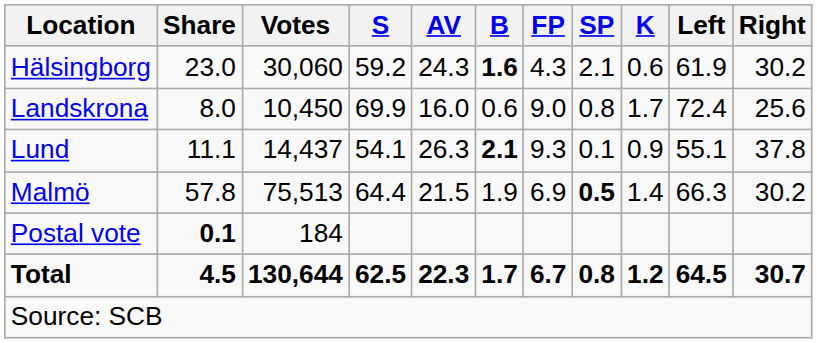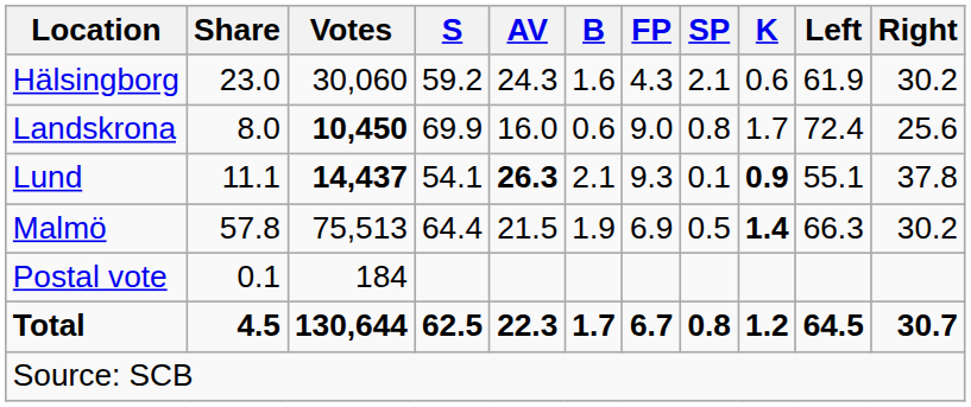 <table class="wikitable sortable" style=text-align:right>
 <tr>
 <th>Location</th>
 <th>Share</th>
 <th>Votes</th>
 <th><a href='#'>S</a></th>
 <th><a href='#'>AV</a></th>
 <th><a href='#'>B</a></th>
 <th><a href='#'>FP</a></th>
 <th><a href='#'>SP</a></th>
 <th><a href='#'>K</a></th>
 <th>Left</th>
 <th>Right</th>
 </tr>
 <tr>
 <td align=left><a href='#'>Hälsingborg</a></td>
 <td>23.0</td>
 <td>30,060</td>
 <td>59.2</td>
 <td>24.3</td>
-<td><strong>1.6</strong></td>
+<td>1.6</td>
 <td>4.3</td>
 <td>2.1</td>
 <td>0.6</td>
 <td>61.9</td>
 <td>30.2</td>
 </tr>
 <tr>
 <td align=left><a href='#'>Landskrona</a></td>
 <td>8.0</td>
-<td>10,450</td>
+<td><strong>10,450</strong></td>
 <td>69.9</td>
 <td>16.0</td>
 <td>0.6</td>
 <td>9.0</td>
 <td>0.8</td>
 <td>1.7</td>
 <td>72.4</td>
 <td>25.6</td>
 </tr>
 <tr>
 <td align=left><a href='#'>Lund</a></td>
 <td>11.1</td>
-<td>14,437</td>
+<td><strong>14,437</strong></td>
 <td>54.1</td>
-<td>26.3</td>
-<td><strong>2.1</strong></td>
+<td><strong>26.3</strong></td>
+<td>2.1</td>
 <td>9.3</td>
 <td>0.1</td>
-<td>0.9</td>
+<td><strong>0.9</strong></td>
 <td>55.1</td>
 <td>37.8</td>
 </tr>
 <tr>
 <td align=left><a href='#'>Malmö</a></td>
 <td>57.8</td>
 <td>75,513</td>
 <td>64.4</td>
 <td>21.5</td>
 <td>1.9</td>
 <td>6.9</td>
-<td><strong>0.5</strong></td>
-<td>1.4</td>
+<td>0.5</td>
+<td><strong>1.4</strong></td>
 <td>66.3</td>
 <td>30.2</td>
 </tr>
 <tr>
 <td align=left><a href='#'>Postal vote</a></td>
-<td><strong>0.1</strong></td>
+<td>0.1</td>
 <td>184</td>
 <td></td>
 <td></td>
 <td></td>
 <td></td>
 <td></td>
 <td></td>
 <td></td>
 <td></td>
 </tr>
 <tr>
 <td align=left><strong>Total</strong></td>
 <td><strong>4.5</strong></td>
 <td><strong>130,644</strong></td>
 <td><strong>62.5</strong></td>
 <td><strong>22.3</strong></td>
 <td><strong>1.7</strong></td>
 <td><strong>6.7</strong></td>
 <td><strong>0.8</strong></td>
 <td><strong>1.2</strong></td>
 <td><strong>64.5</strong></td>
 <td><strong>30.7</strong></td>
 </tr>
 <tr>
 <td align=left colspan=11>Source: SCB </td>
 </tr>
 </table>
